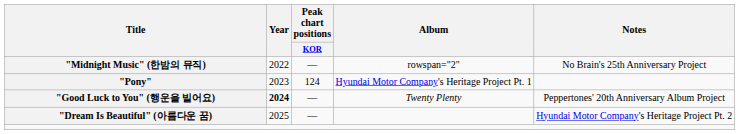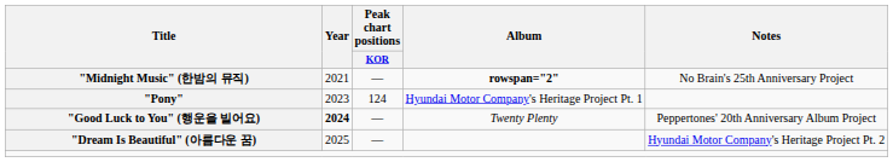 <table class="wikitable plainrowheaders" style="text-align:center;">
 <tr>
 <th scope="col" rowspan="2" style="width:26em;">Title</th>
 <th scope="col" rowspan="2">Year</th>
 <th scope="col" colspan="1">Peak chart positions</th>
 <th scope="col" rowspan="2">Album</th>
 <th scope="col" rowspan="2">Notes</th>
 </tr>
 <tr>
 <th scope="col" style="width:3em;font-size:85%;"><a href='#'>KOR</a><br></th>
 </tr>
 <tr>
 <th scope="row">"Midnight Music" (한밤의 뮤직)<br></th>
-<td>2022</td>
+<td>2021</td>
 <td>—</td>
-<td>rowspan="2" </td>
+<td><strong>rowspan="2" </strong></td>
 <td>No Brain's 25th Anniversary Project</td>
 </tr>
 <tr>
 <th scope="row">"Pony"</th>
 <td>2023</td>
 <td>124</td>
 <td><a href='#'>Hyundai Motor Company</a>'s Heritage Project Pt. 1</td>
 </tr>
 <tr>
 <th scope="row">"Good Luck to You" (행운을 빌어요)<br></th>
 <td><strong>2024</strong></td>
 <td>—</td>
 <td><em>Twenty Plenty</em></td>
 <td>Peppertones' 20th Anniversary Album Project</td>
 </tr>
 <tr>
 <th scope="row">"Dream Is Beautiful" (아름다운 꿈)</th>
 <td>2025</td>
 <td>—</td>
 <td></td>
 <td><a href='#'>Hyundai Motor Company</a>'s Heritage Project Pt. 2</td>
 </tr>
 <tr>
 <td colspan="6"></td>
 </tr>
 </table>
